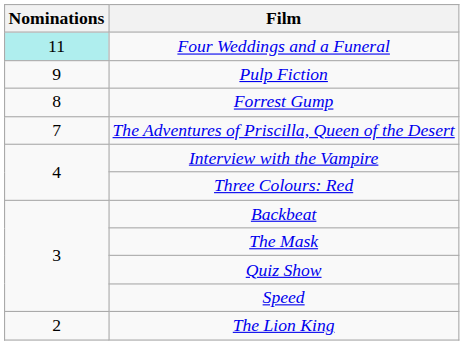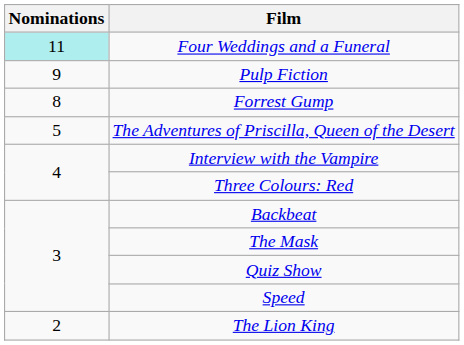 <table class="wikitable" style="text-align:center;">
 <tr>
 <th style="background:">Nominations</th>
 <th style="background:">Film</th>
 </tr>
 <tr>
 <td style="background: paleturquoise;">11</td>
 <td><em><a href='#'>Four Weddings and a Funeral</a></em></td>
 </tr>
 <tr>
 <td>9</td>
 <td><em><a href='#'>Pulp Fiction</a></em></td>
 </tr>
 <tr>
 <td>8</td>
 <td><em><a href='#'>Forrest Gump</a></em></td>
 </tr>
 <tr>
-<td>7</td>
+<td>5</td>
 <td><em><a href='#'>The Adventures of Priscilla, Queen of the Desert</a></em></td>
 </tr>
 <tr>
 <td rowspan="2">4</td>
 <td><em><a href='#'>Interview with the Vampire</a></em></td>
 </tr>
 <tr>
 <td><em><a href='#'>Three Colours: Red</a></em></td>
 </tr>
 <tr>
 <td rowspan="4">3</td>
 <td><em><a href='#'>Backbeat</a></em></td>
 </tr>
 <tr>
 <td><em><a href='#'>The Mask</a></em></td>
 </tr>
 <tr>
 <td><em><a href='#'>Quiz Show</a></em></td>
 </tr>
 <tr>
 <td><em><a href='#'>Speed</a></em></td>
 </tr>
 <tr>
 <td>2</td>
 <td><em><a href='#'>The Lion King</a></em></td>
 </tr>
 </table>
